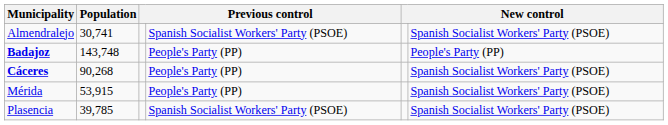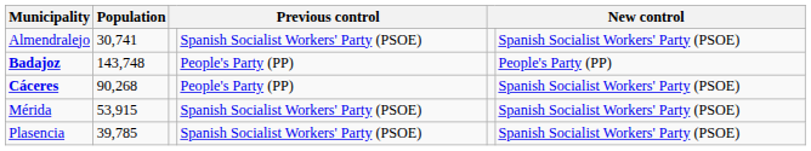 <table class="wikitable sortable">
 <tr>
 <th>Municipality</th>
 <th>Population</th>
 <th colspan="2" style="width:375px;">Previous control</th>
 <th colspan="2" style="width:375px;">New control</th>
 </tr>
 <tr>
 <td><a href='#'>Almendralejo</a></td>
 <td>30,741</td>
 <td width="1" style="color:inherit;background:"></td>
 <td><a href='#'>Spanish Socialist Workers' Party</a> (PSOE)</td>
 <td width="1" style="color:inherit;background:"></td>
 <td><a href='#'>Spanish Socialist Workers' Party</a> (PSOE)</td>
 </tr>
 <tr>
 <td><strong><a href='#'>Badajoz</a></strong></td>
 <td>143,748</td>
 <td style="color:inherit;background:"></td>
 <td><a href='#'>People's Party</a> (PP)</td>
 <td style="color:inherit;background:"></td>
 <td><a href='#'>People's Party</a> (PP)</td>
 </tr>
 <tr>
 <td><strong><a href='#'>Cáceres</a></strong></td>
 <td>90,268</td>
 <td style="color:inherit;background:"></td>
 <td><a href='#'>People's Party</a> (PP)</td>
 <td style="color:inherit;background:"></td>
 <td><a href='#'>Spanish Socialist Workers' Party</a> (PSOE)</td>
 </tr>
 <tr>
 <td><a href='#'>Mérida</a></td>
 <td>53,915</td>
 <td style="color:inherit;background:"></td>
-<td><a href='#'>People's Party</a> (PP)</td>
+<td><a href='#'>Spanish Socialist Workers' Party</a> (PSOE)</td>
 <td style="color:inherit;background:"></td>
 <td><a href='#'>Spanish Socialist Workers' Party</a> (PSOE)</td>
 </tr>
 <tr>
 <td><a href='#'>Plasencia</a></td>
 <td>39,785</td>
 <td style="color:inherit;background:"></td>
 <td><a href='#'>Spanish Socialist Workers' Party</a> (PSOE)</td>
 <td style="color:inherit;background:"></td>
 <td><a href='#'>Spanish Socialist Workers' Party</a> (PSOE)</td>
 </tr>
 </table>
